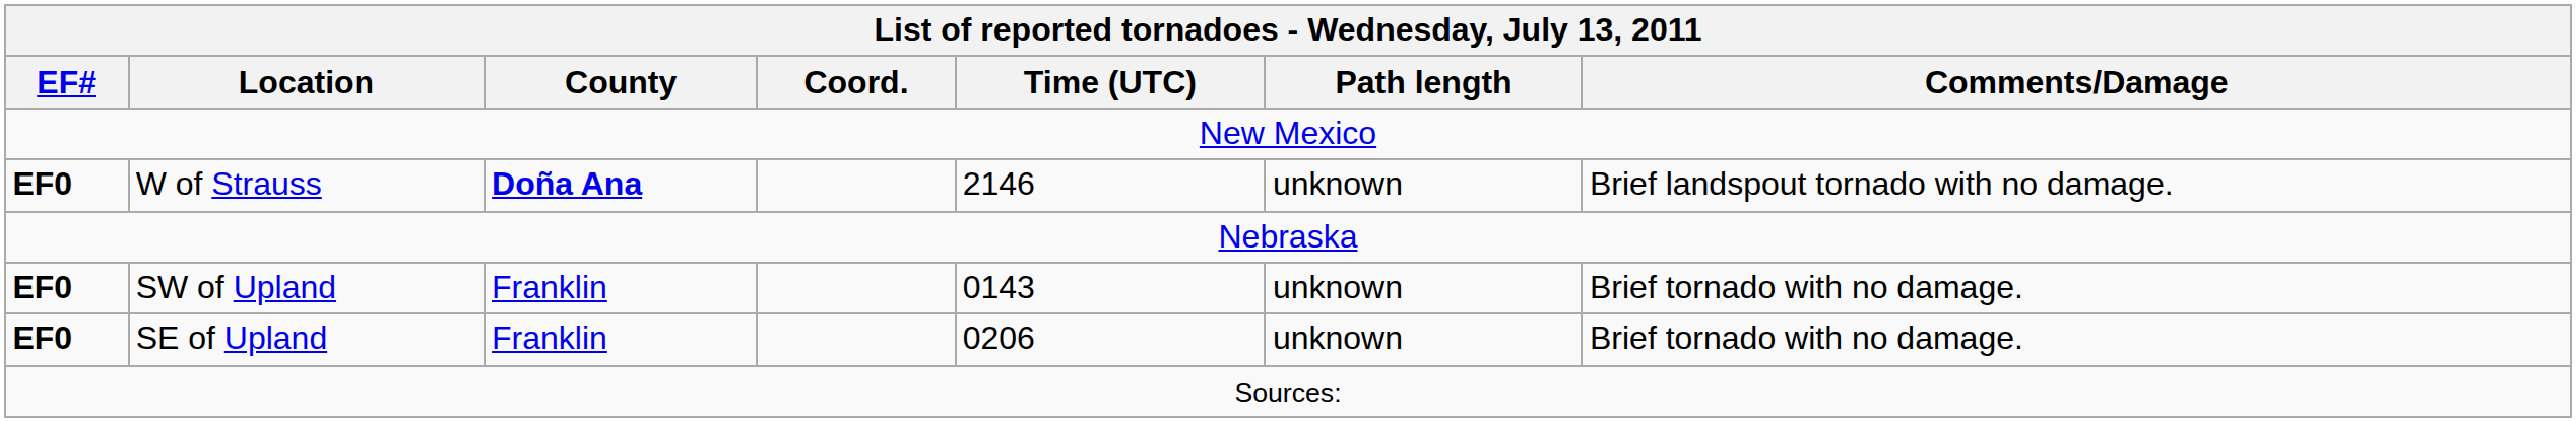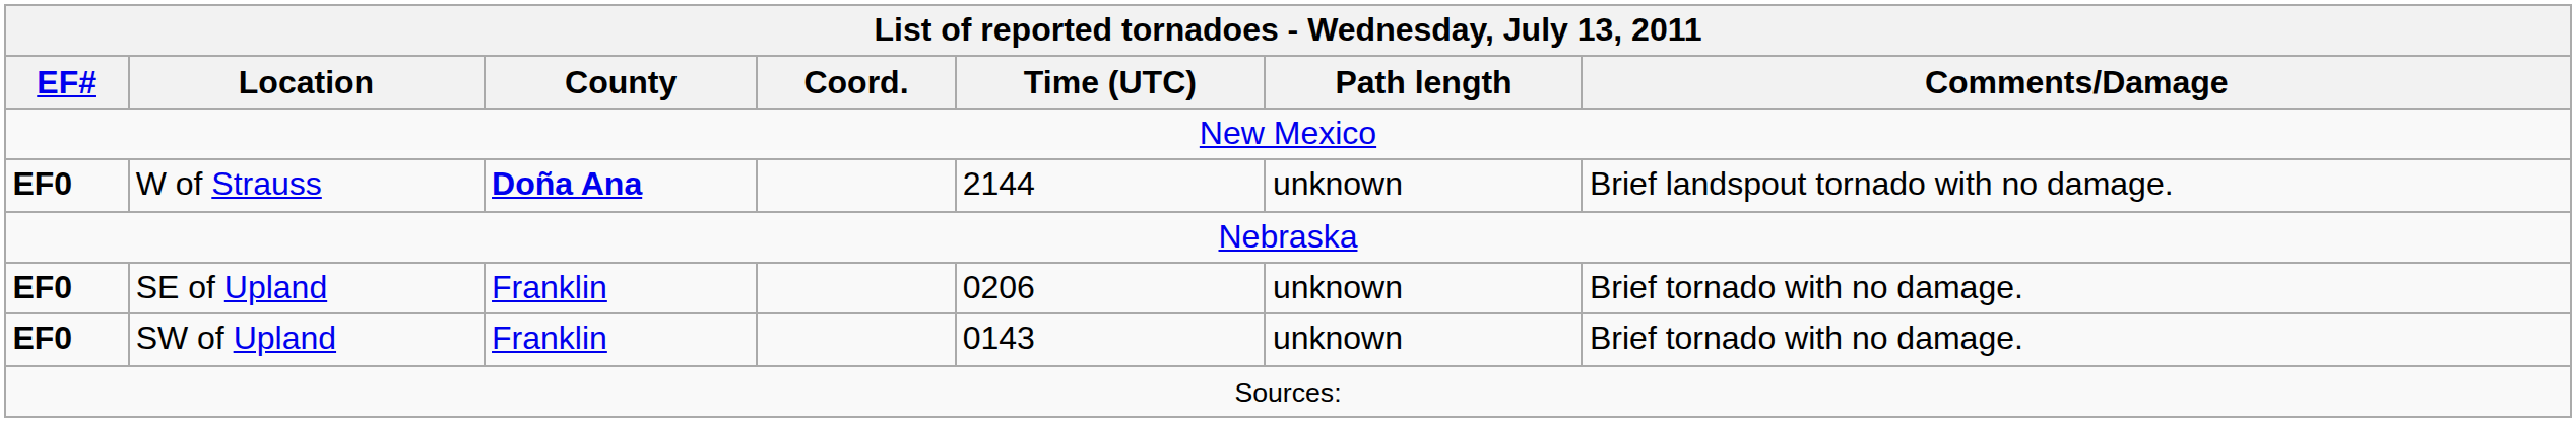 <table class="wikitable collapsible" width="100%">
 <tr>
 <th colspan="7">List of reported tornadoes - Wednesday, July 13, 2011</th>
 </tr>
 <tr>
 <th><a href='#'>EF#</a></th>
 <th>Location</th>
 <th>County</th>
 <th>Coord.</th>
 <th>Time (UTC)</th>
 <th>Path length</th>
 <th>Comments/Damage</th>
 </tr>
 <tr>
 <td colspan="7" align=center><a href='#'>New Mexico</a></td>
 </tr>
 <tr>
 <td><strong>EF0</strong></td>
 <td>W of <a href='#'>Strauss</a></td>
 <td><strong><a href='#'>Doña Ana</a></strong></td>
 <td></td>
-<td>2146</td>
+<td>2144</td>
 <td>unknown</td>
 <td>Brief landspout tornado with no damage.</td>
 </tr>
 <tr>
 <td colspan="7" align=center><a href='#'>Nebraska</a></td>
+</tr>
+<tr>
+<td><strong>EF0</strong></td>
+<td>SE of <a href='#'>Upland</a></td>
+<td><a href='#'>Franklin</a></td>
+<td></td>
+<td>0206</td>
+<td>unknown</td>
+<td>Brief tornado with no damage.</td>
 </tr>
 <tr>
 <td><strong>EF0</strong></td>
 <td>SW of <a href='#'>Upland</a></td>
 <td><a href='#'>Franklin</a></td>
 <td></td>
 <td>0143</td>
 <td>unknown</td>
 <td>Brief tornado with no damage.</td>
 </tr>
 <tr>
-<td><strong>EF0</strong></td>
-<td>SE of <a href='#'>Upland</a></td>
-<td><a href='#'>Franklin</a></td>
-<td></td>
-<td>0206</td>
-<td>unknown</td>
-<td>Brief tornado with no damage.</td>
-</tr>
-<tr>
 <td colspan="7" align=center><small>Sources: </small></td>
 </tr>
 <tr>
 </tr>
 </table>
